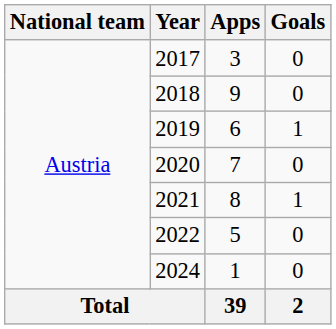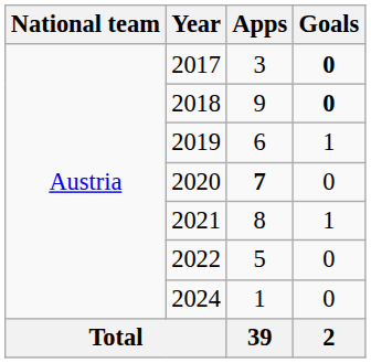 <table class=wikitable style=text-align:center>
 <tr>
 <th>National team</th>
 <th>Year</th>
 <th>Apps</th>
 <th>Goals</th>
 </tr>
 <tr>
 <td rowspan="7"><a href='#'>Austria</a></td>
 <td>2017</td>
 <td>3</td>
-<td>0</td>
+<td><strong>0</strong></td>
 </tr>
 <tr>
 <td>2018</td>
 <td>9</td>
-<td>0</td>
+<td><strong>0</strong></td>
 </tr>
 <tr>
 <td>2019</td>
 <td>6</td>
 <td>1</td>
 </tr>
 <tr>
 <td>2020</td>
-<td>7</td>
+<td><strong>7</strong></td>
 <td>0</td>
 </tr>
 <tr>
 <td>2021</td>
 <td>8</td>
 <td>1</td>
 </tr>
 <tr>
 <td>2022</td>
 <td>5</td>
 <td>0</td>
 </tr>
 <tr>
 <td>2024</td>
 <td>1</td>
 <td>0</td>
 </tr>
 <tr>
 <th colspan=2>Total</th>
 <th>39</th>
 <th>2</th>
 </tr>
 </table>
